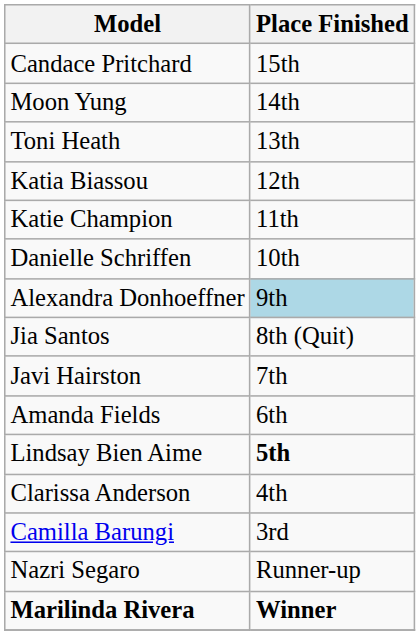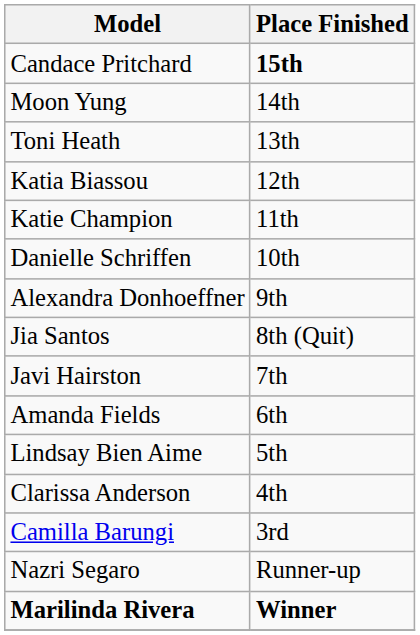 <table class="wikitable sortable">
 <tr>
 <th>Model</th>
 <th>Place Finished</th>
 </tr>
 <tr>
 <td>Candace Pritchard</td>
-<td>15th</td>
+<td><strong>15th</strong></td>
 </tr>
 <tr>
 <td>Moon Yung</td>
 <td>14th</td>
 </tr>
 <tr>
 <td>Toni Heath</td>
 <td>13th</td>
 </tr>
 <tr>
 <td>Katia Biassou</td>
 <td>12th</td>
 </tr>
 <tr>
 <td>Katie Champion</td>
 <td>11th</td>
 </tr>
 <tr>
 <td>Danielle Schriffen</td>
 <td>10th</td>
 </tr>
 <tr>
 <td>Alexandra Donhoeffner</td>
-<td style="background: lightblue;">9th</td>
+<td>9th</td>
 </tr>
 <tr>
 <td>Jia Santos</td>
 <td>8th (Quit)</td>
 </tr>
 <tr>
 <td>Javi Hairston</td>
 <td>7th</td>
 </tr>
 <tr>
 <td>Amanda Fields</td>
 <td>6th</td>
 </tr>
 <tr>
 <td>Lindsay Bien Aime</td>
-<td><strong>5th</strong></td>
+<td>5th</td>
 </tr>
 <tr>
 <td>Clarissa Anderson</td>
 <td>4th</td>
 </tr>
 <tr>
 <td><a href='#'>Camilla Barungi</a></td>
 <td>3rd</td>
 </tr>
 <tr>
 <td>Nazri Segaro</td>
 <td>Runner-up</td>
 </tr>
 <tr>
 <td><strong>Marilinda Rivera</strong></td>
 <td><strong>Winner</strong></td>
 </tr>
 <tr>
 </tr>
 </table>
